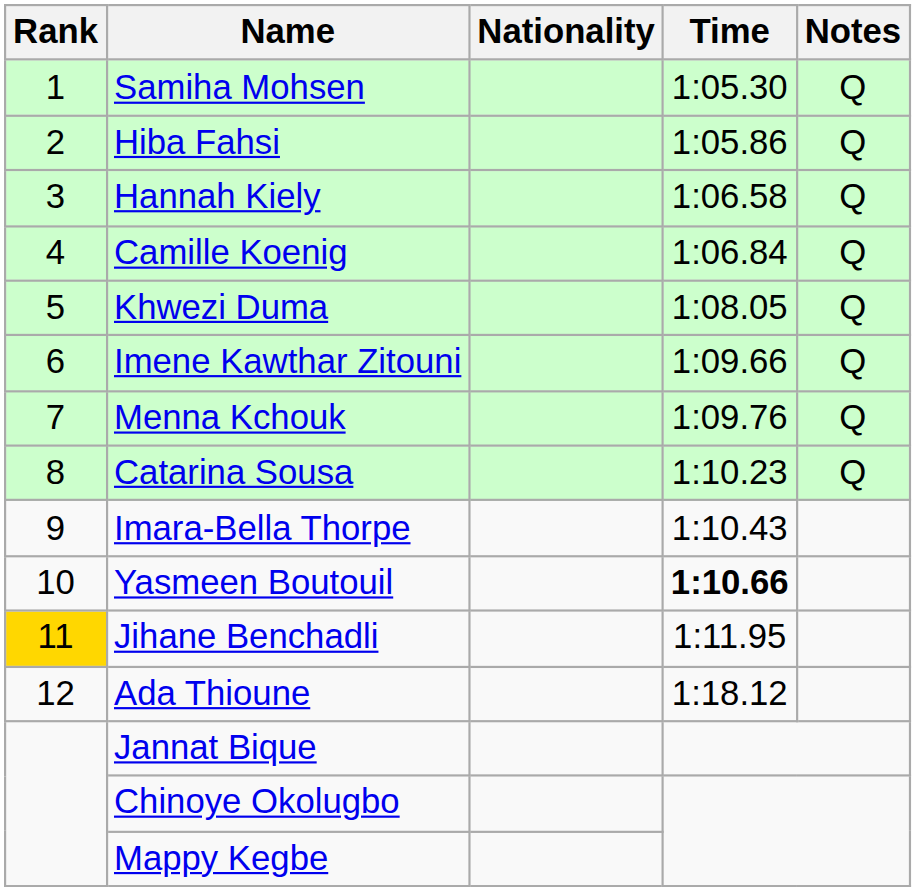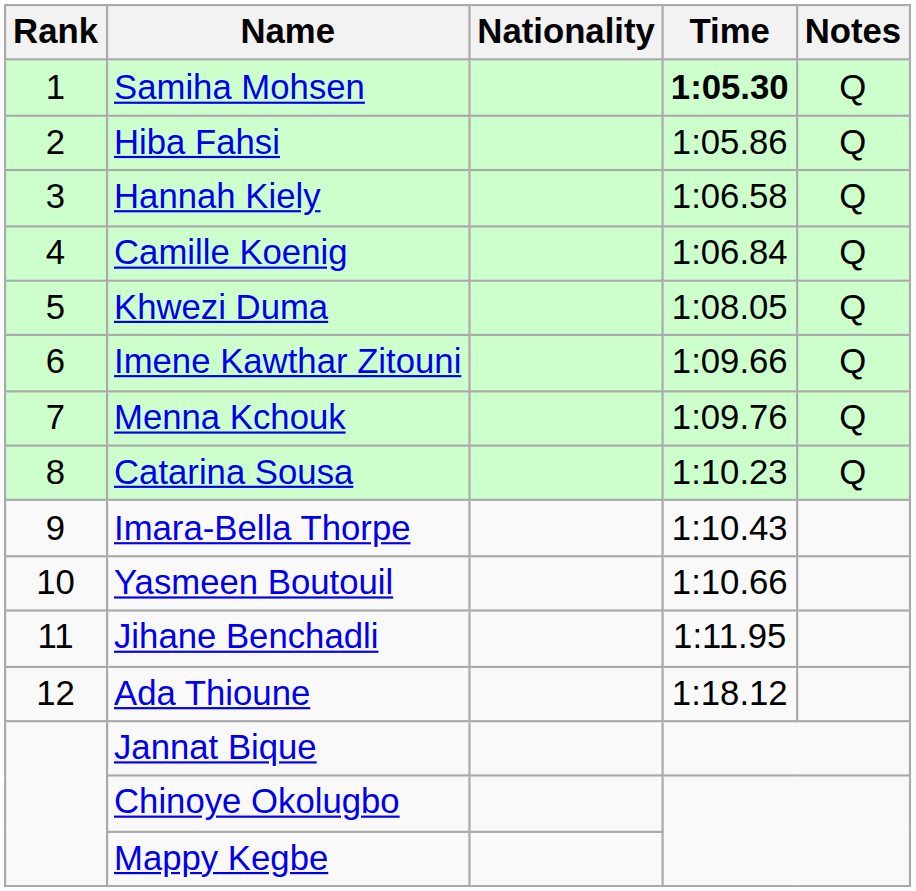 <table class="wikitable sortable" style="text-align:center">
 <tr>
 <th>Rank</th>
 <th>Name</th>
 <th>Nationality</th>
 <th>Time</th>
 <th>Notes</th>
 </tr>
 <tr bgcolor=ccffcc>
 <td>1</td>
 <td align=left><a href='#'>Samiha Mohsen</a></td>
 <td align=left></td>
-<td>1:05.30</td>
+<td><strong>1:05.30</strong></td>
 <td>Q</td>
 </tr>
 <tr bgcolor=ccffcc>
 <td>2</td>
 <td align=left><a href='#'>Hiba Fahsi</a></td>
 <td align=left></td>
 <td>1:05.86</td>
 <td>Q</td>
 </tr>
 <tr bgcolor=ccffcc>
 <td>3</td>
 <td align=left><a href='#'>Hannah Kiely</a></td>
 <td align=left></td>
 <td>1:06.58</td>
 <td>Q</td>
 </tr>
 <tr bgcolor=ccffcc>
 <td>4</td>
 <td align=left><a href='#'>Camille Koenig</a></td>
 <td align=left></td>
 <td>1:06.84</td>
 <td>Q</td>
 </tr>
 <tr bgcolor=ccffcc>
 <td>5</td>
 <td align=left><a href='#'>Khwezi Duma</a></td>
 <td align=left></td>
 <td>1:08.05</td>
 <td>Q</td>
 </tr>
 <tr bgcolor=ccffcc>
 <td>6</td>
 <td align=left><a href='#'>Imene Kawthar Zitouni</a></td>
 <td align=left></td>
 <td>1:09.66</td>
 <td>Q</td>
 </tr>
 <tr bgcolor=ccffcc>
 <td>7</td>
 <td align=left><a href='#'>Menna Kchouk</a></td>
 <td align=left></td>
 <td>1:09.76</td>
 <td>Q</td>
 </tr>
 <tr bgcolor=ccffcc>
 <td>8</td>
 <td align=left><a href='#'>Catarina Sousa</a></td>
 <td align=left></td>
 <td>1:10.23</td>
 <td>Q</td>
 </tr>
 <tr>
 <td>9</td>
 <td align=left><a href='#'>Imara-Bella Thorpe</a></td>
 <td align=left></td>
 <td>1:10.43</td>
 <td></td>
 </tr>
 <tr>
 <td>10</td>
 <td align=left><a href='#'>Yasmeen Boutouil</a></td>
 <td align=left></td>
-<td><strong>1:10.66</strong></td>
+<td>1:10.66</td>
 <td></td>
 </tr>
 <tr>
-<td style="background: gold;">11</td>
+<td>11</td>
 <td align=left><a href='#'>Jihane Benchadli</a></td>
 <td align=left></td>
 <td>1:11.95</td>
 <td></td>
 </tr>
 <tr>
 <td>12</td>
 <td align=left><a href='#'>Ada Thioune</a></td>
 <td align=left></td>
 <td>1:18.12</td>
 <td></td>
 </tr>
 <tr>
 <td rowspan=3></td>
 <td align=left><a href='#'>Jannat Bique</a></td>
 <td align=left></td>
 <td colspan=2></td>
 </tr>
 <tr>
 <td align=left><a href='#'>Chinoye Okolugbo</a></td>
 <td align=left></td>
 <td colspan=2 rowspan=2></td>
 </tr>
 <tr>
 <td align=left><a href='#'>Mappy Kegbe</a></td>
 <td align=left></td>
 </tr>
 </table>
